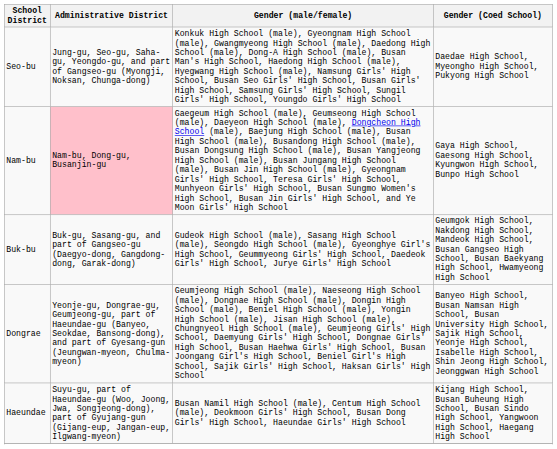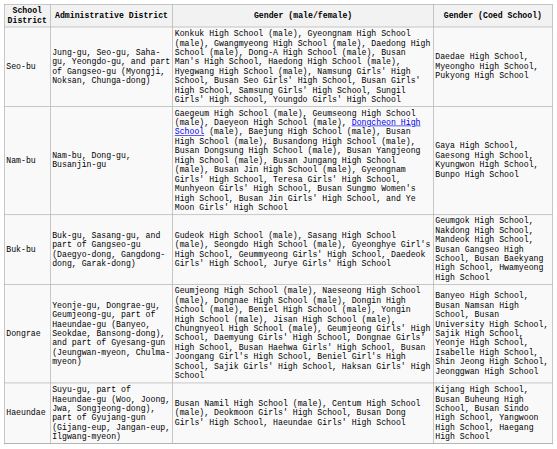 <table class="wikitable">
 <tr>
 <th>School District</th>
 <th>Administrative District</th>
 <th>Gender (male/female)</th>
 <th>Gender (Coed School)</th>
 </tr>
 <tr>
 <td>Seo-bu</td>
 <td>Jung-gu, Seo-gu, Saha-gu, Yeongdo-gu, and part of Gangseo-gu (Myongji, Noksan, Chunga-dong)</td>
 <td>Konkuk High School (male), Gyeongnam High School (male), Gwangmyeong High School (male), Daedong High School (male), Dong-A High School (male), Busan Man's High School, Haedong High School (male), Hyegwang High School (male), Namsung Girls' High School, Busan Seo Girls' High School, Busan Girls' High School, Samsung Girls' High School, Sungil Girls' High School, Youngdo Girls' High School</td>
 <td>Daedae High School, Myeongho High School, Pukyong High School</td>
 </tr>
 <tr>
 <td>Nam-bu</td>
-<td style="background: pink;">Nam-bu, Dong-gu, Busanjin-gu</td>
+<td>Nam-bu, Dong-gu, Busanjin-gu</td>
 <td>Gaegeum High School (male), Geumseong High School (male), Daeyeon High School (male), <a href='#'>Dongcheon High School</a> (male), Baejung High School (male), Busan High School (male), Busandong High School (male), Busan Dongsung High School (male), Busan Yangjeong High School (male), Busan Jungang High School (male), Busan Jin High School (male), Gyeongnam Girls' High School, Teresa Girls' High School, Munhyeon Girls' High School, Busan Sungmo Women's High School, Busan Jin Girls' High School, and Ye Moon Girls' High School</td>
 <td>Gaya High School, Gaesong High School, Kyungwon High School, Bunpo High School</td>
 </tr>
 <tr>
 <td>Buk-bu</td>
 <td>Buk-gu, Sasang-gu, and part of Gangseo-gu (Daegyo-dong, Gangdong-dong, Garak-dong)</td>
 <td>Gudeok High School (male), Sasang High School (male), Seongdo High School (male), Gyeonghye Girl's High School, Geummyeong Girls' High School, Daedeok Girls' High School, Jurye Girls' High School</td>
 <td>Geumgok High School, Nakdong High School, Mandeok High School, Busan Gangseo High School, Busan Baekyang High School, Hwamyeong High School</td>
 </tr>
 <tr>
 <td>Dongrae</td>
 <td>Yeonje-gu, Dongrae-gu, Geumjeong-gu, part of Haeundae-gu (Banyeo, Seokdae, Bansong-dong), and part of Gyesang-gun (Jeungwan-myeon, Chulma-myeon)</td>
 <td>Geumjeong High School (male), Naeseong High School (male), Dongnae High School (male), Dongin High School (male), Beniel High School (male), Yongin High School (male), Jisan High School (male), Chungnyeol High School (male), Geumjeong Girls' High School, Daemyung Girls' High School, Dongnae Girls' High School, Busan Haehwa Girls' High School, Busan Joongang Girl's High School, Beniel Girl's High School, Sajik Girls' High School, Haksan Girls' High School</td>
 <td>Banyeo High School, Busan Namsan High School, Busan University High School, Sajik High School, Yeonje High School, Isabelle High School, Shin Jeong High School, Jeonggwan High School</td>
 </tr>
 <tr>
 <td>Haeundae</td>
 <td>Suyu-gu, part of Haeundae-gu (Woo, Joong, Jwa, Songjeong-dong), part of Gyujang-gun (Gijang-eup, Jangan-eup, Ilgwang-myeon)</td>
 <td>Busan Namil High School (male), Centum High School (male), Deokmoon Girls' High School, Busan Dong Girls' High School, Haeundae Girls' High School</td>
 <td>Kijang High School, Busan Buheung High School, Busan Sindo High School, Yangwoon High School, Haegang High School</td>
 </tr>
 <tr>
 </tr>
 <tr align="center">
 </tr>
 </table>
